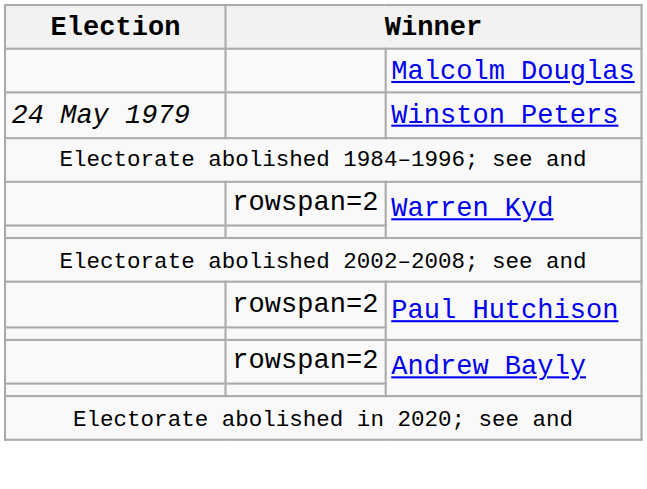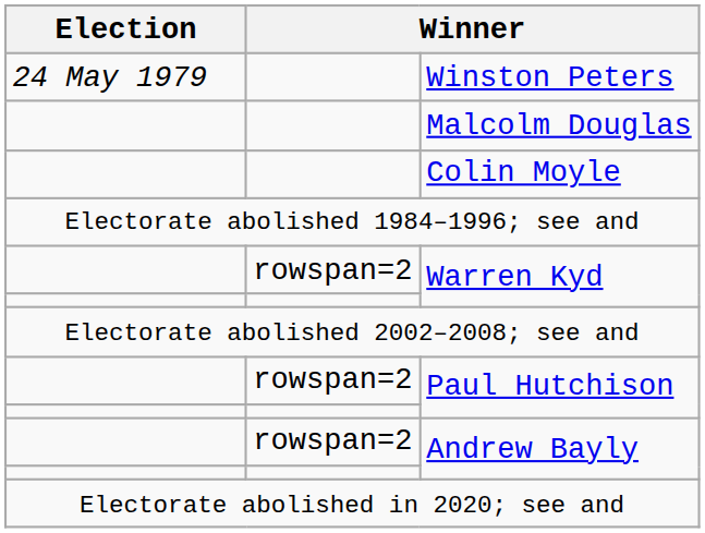 <table class=wikitable>
 <tr>
 <th width=100>Election</th>
 <th width=175 colspan=2>Winner</th>
+</tr>
+<tr>
+<td><span><em>24 May 1979</em></span></td>
+<td></td>
+<td><a href='#'>Winston Peters</a></td>
 </tr>
 <tr>
 <td></td>
 <td></td>
 <td><a href='#'>Malcolm Douglas</a></td>
 </tr>
 <tr>
-<td><span><em>24 May 1979</em></span></td>
 <td></td>
-<td><a href='#'>Winston Peters</a></td>
+<td></td>
+<td><a href='#'>Colin Moyle</a></td>
 </tr>
 <tr>
 <td colspan=3 align=center><small>Electorate abolished 1984–1996; see  and </small></td>
 </tr>
 <tr>
 <td></td>
 <td>rowspan=2 </td>
 <td rowspan=2><a href='#'>Warren Kyd</a></td>
 </tr>
 <tr>
 <td></td>
 </tr>
 <tr>
 <td colspan=3 align=center><small>Electorate abolished 2002–2008; see  and </small></td>
 </tr>
 <tr>
 <td></td>
 <td>rowspan=2 </td>
 <td rowspan=2><a href='#'>Paul Hutchison</a></td>
 </tr>
 <tr>
 <td></td>
 </tr>
 <tr>
 <td></td>
 <td>rowspan=2 </td>
 <td rowspan=2><a href='#'>Andrew Bayly</a></td>
 </tr>
 <tr>
 <td></td>
 </tr>
 <tr>
 <td colspan=3 align=center><small>Electorate abolished in 2020; see  and </small></td>
 </tr>
 </table>
